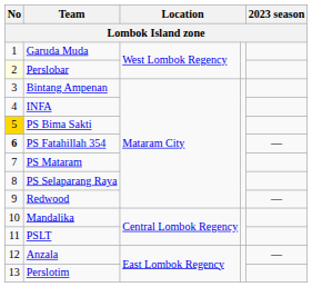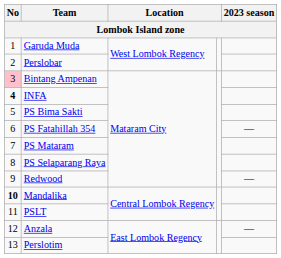 <table class="wikitable sortable" style="font-size:90%;">
 <tr>
 <th>No</th>
 <th>Team</th>
 <th colspan="2">Location</th>
 <th>2023 season</th>
 </tr>
 <tr>
 <th colspan="5" align="center"><strong>Lombok Island zone</strong></th>
 </tr>
 <tr>
 <td align="center">1</td>
 <td><a href='#'>Garuda Muda</a></td>
 <td rowspan="2"><a href='#'>West Lombok Regency</a></td>
 <td rowspan="2"></td>
 <td align="center"></td>
 </tr>
 <tr>
-<td align="center" style="background: lightyellow;">2</td>
+<td align="center">2</td>
 <td><a href='#'>Perslobar</a></td>
 <td align="center"></td>
 </tr>
 <tr>
-<td align="center">3</td>
+<td align="center" style="background: pink;">3</td>
 <td><a href='#'>Bintang Ampenan</a></td>
 <td rowspan="7"><a href='#'>Mataram City</a></td>
 <td rowspan="7"></td>
 <td align="center"></td>
 </tr>
 <tr>
-<td align="center">4</td>
+<td align="center"><strong>4</strong></td>
 <td><a href='#'>INFA</a></td>
 <td align="center"></td>
 </tr>
 <tr>
-<td align="center" style="background: gold;">5</td>
+<td align="center">5</td>
 <td><a href='#'>PS Bima Sakti</a></td>
 <td align="center"></td>
 </tr>
 <tr>
-<td align="center"><strong>6</strong></td>
+<td align="center">6</td>
 <td><a href='#'>PS Fatahillah 354</a></td>
 <td align="center">—</td>
 </tr>
 <tr>
 <td align="center">7</td>
 <td><a href='#'>PS Mataram</a></td>
 <td align="center"></td>
 </tr>
 <tr>
 <td align="center">8</td>
 <td><a href='#'>PS Selaparang Raya</a></td>
 <td align="center"></td>
 </tr>
 <tr>
 <td align="center">9</td>
 <td><a href='#'>Redwood</a></td>
 <td align="center">—</td>
 </tr>
 <tr>
-<td align="center">10</td>
+<td align="center"><strong>10</strong></td>
 <td><a href='#'>Mandalika</a></td>
 <td rowspan="2"><a href='#'>Central Lombok Regency</a></td>
 <td rowspan="2"></td>
 <td align="center"></td>
 </tr>
 <tr>
 <td align="center">11</td>
 <td><a href='#'>PSLT</a></td>
 <td align="center"></td>
 </tr>
 <tr>
 <td align="center">12</td>
 <td><a href='#'>Anzala</a></td>
 <td rowspan="2"><a href='#'>East Lombok Regency</a></td>
 <td rowspan="2"></td>
 <td align="center">—</td>
 </tr>
 <tr>
 <td align="center">13</td>
 <td><a href='#'>Perslotim</a></td>
 <td align="center"></td>
 </tr>
 </table>
